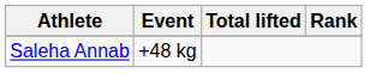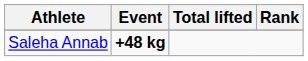 <table class="wikitable" style="text-align:center; font-size:90%">
 <tr>
 <th>Athlete</th>
 <th>Event</th>
 <th>Total lifted</th>
 <th>Rank</th>
 </tr>
 <tr>
 </tr>
 <tr>
 <td align=left><a href='#'>Saleha Annab</a></td>
-<td align=left>+48 kg</td>
+<td align=left><strong>+48 kg</strong></td>
 <td colspan=2></td>
 </tr>
 </table>
